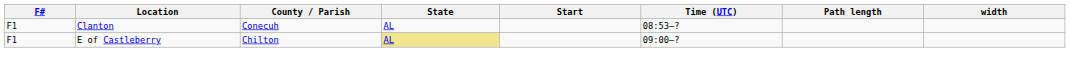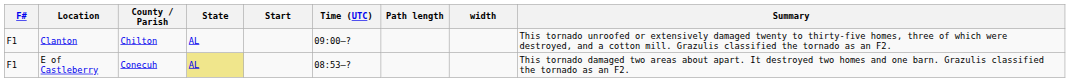 <table class="wikitable sortable" style="width:100%;">
 <tr>
 <th scope="col"  style="width:3%; text-align:center;"><a href='#'>F#</a></th>
 <th scope="col"  style="width:7%; text-align:center;" class="unsortable">Location</th>
 <th scope="col"  style="width:6%; text-align:center;" class="unsortable">County / Parish</th>
 <th scope="col"  style="width:5%; text-align:center;">State</th>
 <th scope="col"  style="width:6%; text-align:center;">Start<br></th>
 <th scope="col"  style="width:6%; text-align:center;">Time (<a href='#'>UTC</a>)</th>
 <th scope="col"  style="width:6%; text-align:center;">Path length</th>
 <th scope="col"  style="width:6%; text-align:center;"> width</th>
+<th scope="col" class="unsortable" style="width:48%; text-align:center;">Summary</th>
 </tr>
 <tr>
 <td>F1</td>
 <td><a href='#'>Clanton</a></td>
+<td><a href='#'>Chilton</a></td>
+<td><a href='#'>AL</a></td>
+<td></td>
+<td>09:00–?</td>
+<td></td>
+<td></td>
+<td>This tornado unroofed or extensively damaged twenty to thirty-five homes, three of which were destroyed, and a cotton mill. Grazulis classified the tornado as an F2.</td>
+</tr>
+<tr>
+<td>F1</td>
+<td>E of <a href='#'>Castleberry</a></td>
 <td><a href='#'>Conecuh</a></td>
-<td><a href='#'>AL</a></td>
+<td style="background: khaki;"><a href='#'>AL</a></td>
 <td></td>
 <td>08:53–?</td>
 <td></td>
 <td></td>
-</tr>
-<tr>
-<td>F1</td>
-<td>E of <a href='#'>Castleberry</a></td>
-<td><a href='#'>Chilton</a></td>
-<td style="background: khaki;"><a href='#'>AL</a></td>
-<td></td>
-<td>09:00–?</td>
-<td></td>
-<td></td>
+<td>This tornado damaged two areas about  apart. It destroyed two homes and one barn. Grazulis classified the tornado as an F2.</td>
 </tr>
 </table>
